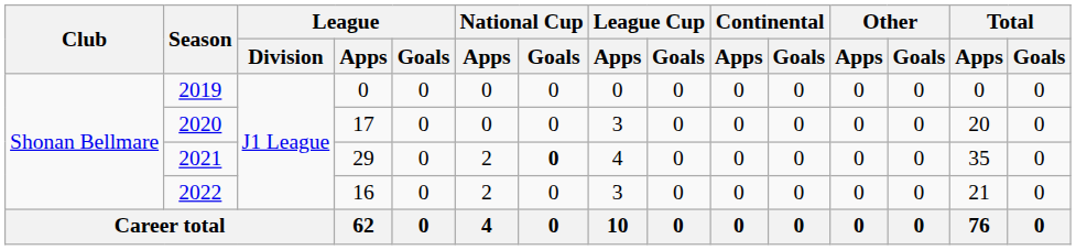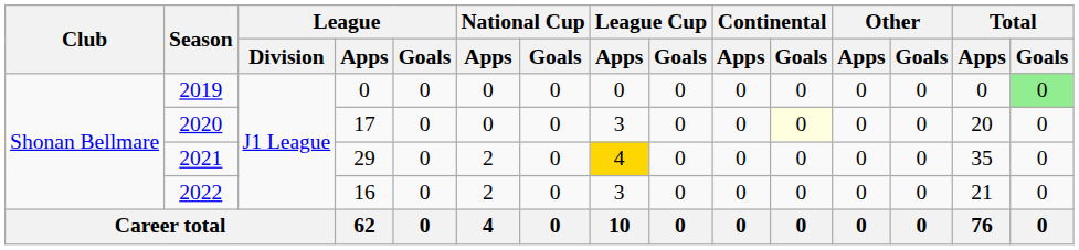 <table class="wikitable" style="text-align: center">
 <tr>
 <th rowspan="2">Club</th>
 <th rowspan="2">Season</th>
 <th colspan="3">League</th>
 <th colspan="2">National Cup</th>
 <th colspan="2">League Cup</th>
 <th colspan="2">Continental</th>
 <th colspan="2">Other</th>
 <th colspan="2">Total</th>
 </tr>
 <tr>
 <th>Division</th>
 <th>Apps</th>
 <th>Goals</th>
 <th>Apps</th>
 <th>Goals</th>
 <th>Apps</th>
 <th>Goals</th>
 <th>Apps</th>
 <th>Goals</th>
 <th>Apps</th>
 <th>Goals</th>
 <th>Apps</th>
 <th>Goals</th>
 </tr>
 <tr>
 <td rowspan="4"><a href='#'>Shonan Bellmare</a></td>
 <td><a href='#'>2019</a></td>
 <td rowspan="4"><a href='#'>J1 League</a></td>
 <td>0</td>
 <td>0</td>
 <td>0</td>
 <td>0</td>
 <td>0</td>
 <td>0</td>
 <td>0</td>
 <td>0</td>
 <td>0</td>
 <td>0</td>
 <td>0</td>
-<td>0</td>
+<td style="background: lightgreen;">0</td>
 </tr>
 <tr>
 <td><a href='#'>2020</a></td>
 <td>17</td>
 <td>0</td>
 <td>0</td>
 <td>0</td>
 <td>3</td>
 <td>0</td>
 <td>0</td>
-<td>0</td>
+<td style="background: lightyellow;">0</td>
 <td>0</td>
 <td>0</td>
 <td>20</td>
 <td>0</td>
 </tr>
 <tr>
 <td><a href='#'>2021</a></td>
 <td>29</td>
 <td>0</td>
 <td>2</td>
-<td><strong>0</strong></td>
-<td>4</td>
+<td>0</td>
+<td style="background: gold;">4</td>
 <td>0</td>
 <td>0</td>
 <td>0</td>
 <td>0</td>
 <td>0</td>
 <td>35</td>
 <td>0</td>
 </tr>
 <tr>
 <td><a href='#'>2022</a></td>
 <td>16</td>
 <td>0</td>
 <td>2</td>
 <td>0</td>
 <td>3</td>
 <td>0</td>
 <td>0</td>
 <td>0</td>
 <td>0</td>
 <td>0</td>
 <td>21</td>
 <td>0</td>
 </tr>
 <tr>
 <th colspan="3">Career total</th>
 <th>62</th>
 <th>0</th>
 <th>4</th>
 <th>0</th>
 <th>10</th>
 <th>0</th>
 <th>0</th>
 <th>0</th>
 <th>0</th>
 <th>0</th>
 <th>76</th>
 <th>0</th>
 </tr>
 </table>
